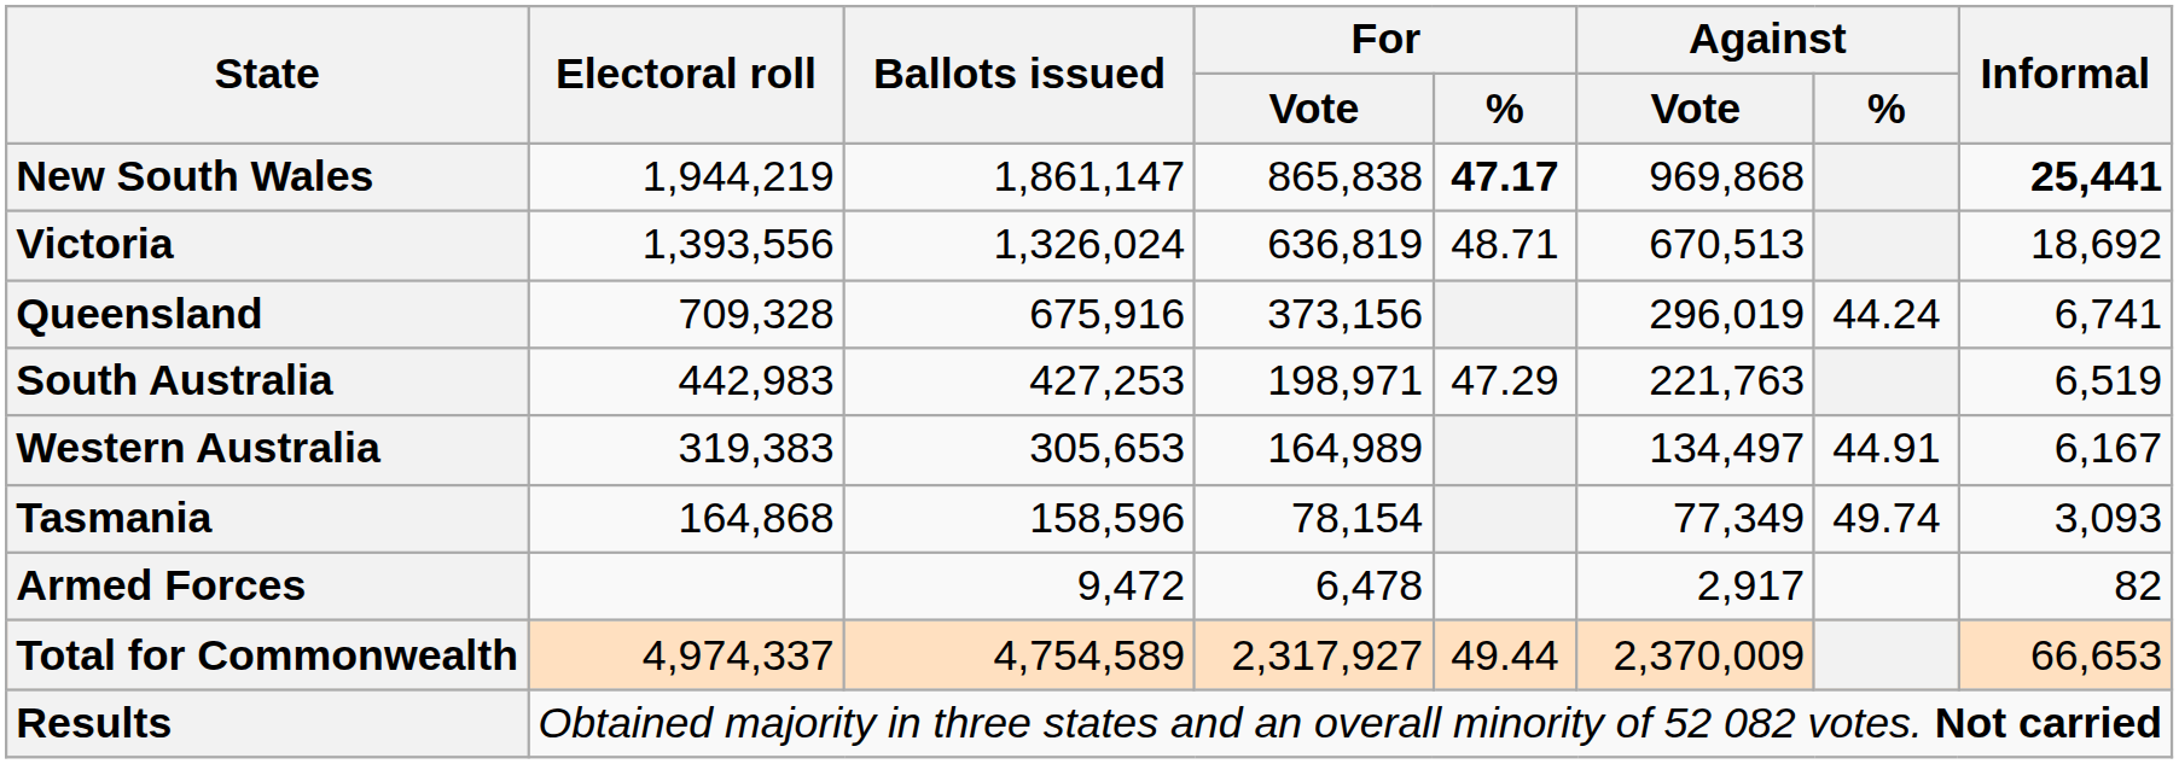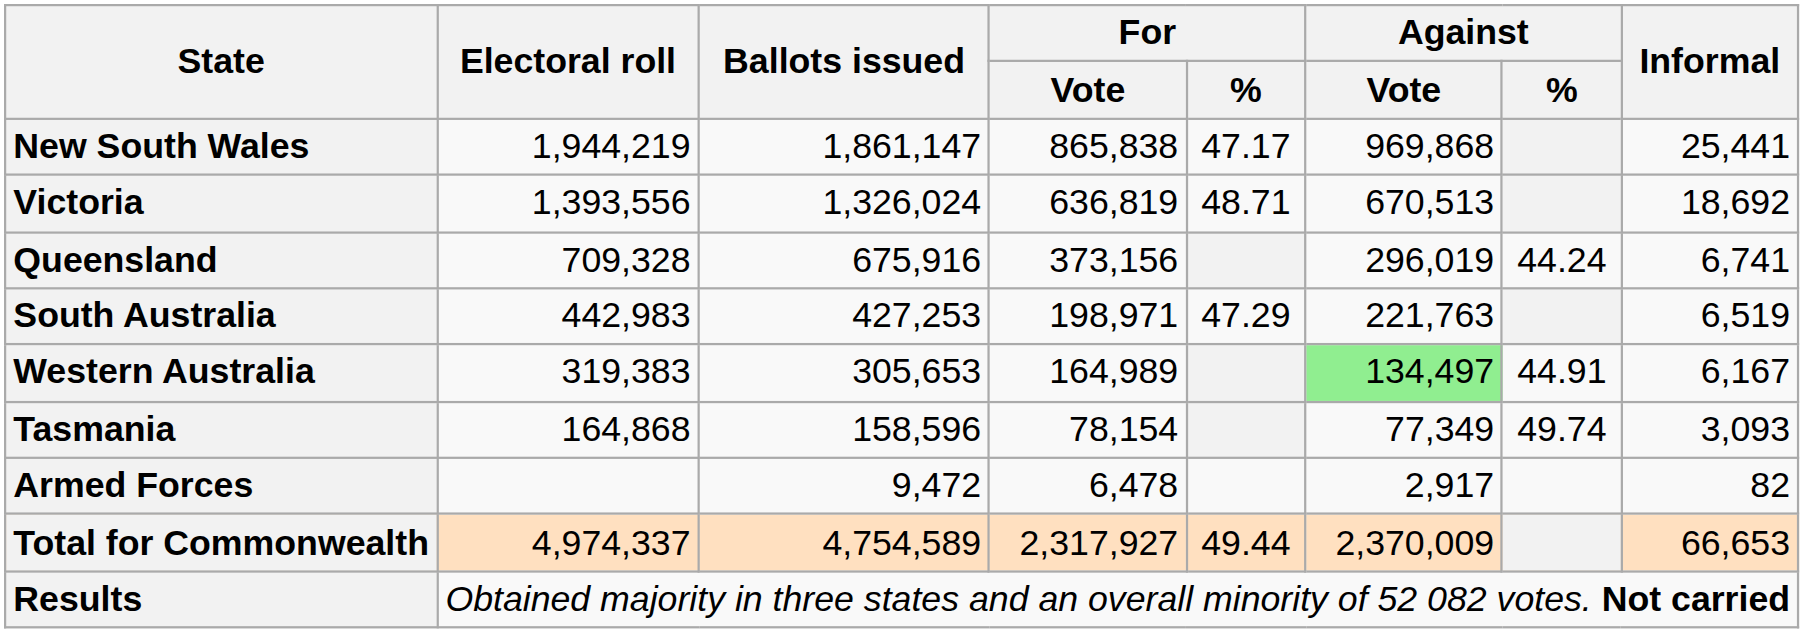 <table class="wikitable">
 <tr align=center>
 <th rowspan="2">State</th>
 <th rowspan="2">Electoral roll</th>
 <th rowspan="2">Ballots issued</th>
 <th align=center colspan="2">For</th>
 <th align=center colspan="2">Against</th>
 <th align=center rowspan="2">Informal</th>
 </tr>
 <tr>
 <th align=center>Vote</th>
 <th align=center>%</th>
 <th align=center>Vote</th>
 <th align=center>%</th>
 </tr>
 <tr align="right">
 <th style="text-align:left;">New South Wales</th>
 <td>1,944,219</td>
 <td>1,861,147</td>
 <td>865,838</td>
-<td align="center"><strong>47.17</strong></td>
+<td align="center">47.17</td>
 <td>969,868</td>
 <th></th>
-<td><strong>25,441</strong></td>
+<td>25,441</td>
 </tr>
 <tr align="right">
 <th style="text-align:left;">Victoria</th>
 <td>1,393,556</td>
 <td>1,326,024</td>
 <td>636,819</td>
 <td align="center">48.71</td>
 <td>670,513</td>
 <th></th>
 <td>18,692</td>
 </tr>
 <tr align="right">
 <th style="text-align:left;">Queensland</th>
 <td>709,328</td>
 <td>675,916</td>
 <td>373,156</td>
 <th></th>
 <td>296,019</td>
 <td align="center">44.24</td>
 <td>6,741</td>
 </tr>
 <tr align="right">
 <th style="text-align:left;">South Australia</th>
 <td>442,983</td>
 <td>427,253</td>
 <td>198,971</td>
 <td align="center">47.29</td>
 <td>221,763</td>
 <th></th>
 <td>6,519</td>
 </tr>
 <tr align="right">
 <th style="text-align:left;">Western Australia</th>
 <td>319,383</td>
 <td>305,653</td>
 <td>164,989</td>
 <th></th>
-<td>134,497</td>
+<td style="background: lightgreen;">134,497</td>
 <td align="center">44.91</td>
 <td>6,167</td>
 </tr>
 <tr align="right">
 <th style="text-align:left;">Tasmania</th>
 <td>164,868</td>
 <td>158,596</td>
 <td>78,154</td>
 <th></th>
 <td>77,349</td>
 <td align="center">49.74</td>
 <td>3,093</td>
 </tr>
 <tr align="right">
 <th style="text-align:left;">Armed Forces</th>
 <td> </td>
 <td>9,472</td>
 <td>6,478</td>
 <td align="center"> </td>
 <td>2,917</td>
 <td align="center"> </td>
 <td>82</td>
 </tr>
 <tr bgcolor="#FFE0C0" align="right">
 <th style="text-align:left">Total for Commonwealth</th>
 <td>4,974,337</td>
 <td>4,754,589</td>
 <td>2,317,927</td>
 <td align="center">49.44</td>
 <td>2,370,009</td>
 <th></th>
 <td>66,653</td>
 </tr>
 <tr>
 <th style="text-align:left;">Results</th>
 <td colSpan="8"><em>Obtained majority in three states and an overall minority of 52 082 votes.</em> <strong>Not carried</strong></td>
 </tr>
 </table>
